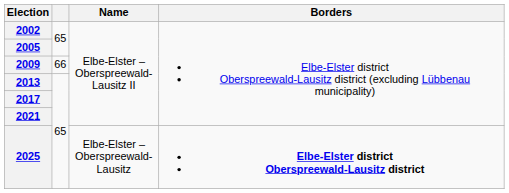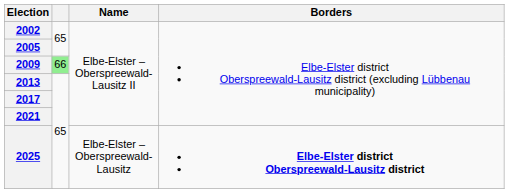 <table class=wikitable style="text-align:center">
 <tr>
 <th>Election</th>
 <th></th>
 <th width=125px>Name</th>
 <th width=500px>Borders</th>
 </tr>
 <tr>
 <th><a href='#'>2002</a></th>
 <td rowspan=2>65</td>
 <td rowspan=6>Elbe-Elster – Oberspreewald-Lausitz II</td>
 <td rowspan=6><br><ul><li><a href='#'>Elbe-Elster</a> district</li><li><a href='#'>Oberspreewald-Lausitz</a> district (excluding <a href='#'>Lübbenau</a> municipality)</li></ul></td>
 </tr>
 <tr>
 <th><a href='#'>2005</a></th>
 </tr>
 <tr>
 <th><a href='#'>2009</a></th>
-<td>66</td>
+<td style="background: lightgreen;">66</td>
 </tr>
 <tr>
 <th><a href='#'>2013</a></th>
 <td rowspan=4>65</td>
 </tr>
 <tr>
 <th><a href='#'>2017</a></th>
 </tr>
 <tr>
 <th><a href='#'>2021</a></th>
 </tr>
 <tr>
 <th><a href='#'>2025</a></th>
 <td>Elbe-Elster – Oberspreewald-Lausitz</td>
 <td><strong><br><ul><li><a href='#'>Elbe-Elster</a> district</li><li><a href='#'>Oberspreewald-Lausitz</a> district</li></ul></strong></td>
 </tr>
 </table>
